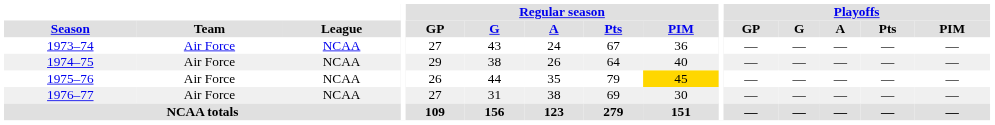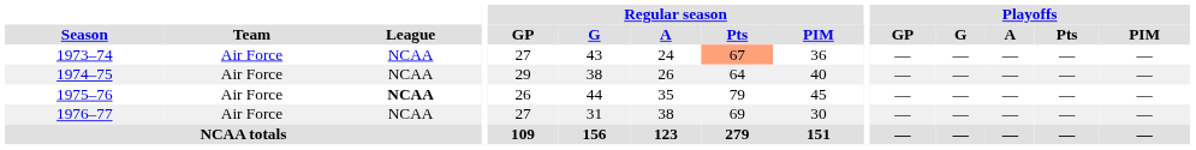 <table border="0" cellpadding="1" cellspacing="0" style="text-align:center; width:75%">
 <tr bgcolor="#e0e0e0">
 <th colspan="3" bgcolor="#ffffff"></th>
 <th rowspan="99" bgcolor="#ffffff"></th>
 <th colspan="5"><a href='#'>Regular season</a></th>
 <th rowspan="99" bgcolor="#ffffff"></th>
 <th colspan="5"><a href='#'>Playoffs</a></th>
 </tr>
 <tr bgcolor="#e0e0e0">
 <th><a href='#'>Season</a></th>
 <th>Team</th>
 <th>League</th>
 <th>GP</th>
 <th><a href='#'>G</a></th>
 <th><a href='#'>A</a></th>
 <th><a href='#'>Pts</a></th>
 <th><a href='#'>PIM</a></th>
 <th>GP</th>
 <th>G</th>
 <th>A</th>
 <th>Pts</th>
 <th>PIM</th>
 </tr>
 <tr ALIGN="center">
 <td><a href='#'>1973–74</a></td>
 <td><a href='#'>Air Force</a></td>
 <td><a href='#'>NCAA</a></td>
 <td>27</td>
 <td>43</td>
 <td>24</td>
-<td>67</td>
+<td style="background: lightsalmon;">67</td>
 <td>36</td>
 <td>—</td>
 <td>—</td>
 <td>—</td>
 <td>—</td>
 <td>—</td>
 </tr>
 <tr ALIGN="center" bgcolor="#f0f0f0">
 <td><a href='#'>1974–75</a></td>
 <td>Air Force</td>
 <td>NCAA</td>
 <td>29</td>
 <td>38</td>
 <td>26</td>
 <td>64</td>
 <td>40</td>
 <td>—</td>
 <td>—</td>
 <td>—</td>
 <td>—</td>
 <td>—</td>
 </tr>
 <tr ALIGN="center">
 <td><a href='#'>1975–76</a></td>
 <td>Air Force</td>
-<td>NCAA</td>
+<td><strong>NCAA</strong></td>
 <td>26</td>
 <td>44</td>
 <td>35</td>
 <td>79</td>
-<td style="background: gold;">45</td>
+<td>45</td>
 <td>—</td>
 <td>—</td>
 <td>—</td>
 <td>—</td>
 <td>—</td>
 </tr>
 <tr ALIGN="center" bgcolor="#f0f0f0">
 <td><a href='#'>1976–77</a></td>
 <td>Air Force</td>
 <td>NCAA</td>
 <td>27</td>
 <td>31</td>
 <td>38</td>
 <td>69</td>
 <td>30</td>
 <td>—</td>
 <td>—</td>
 <td>—</td>
 <td>—</td>
 <td>—</td>
 </tr>
 <tr bgcolor="#e0e0e0">
 <th colspan="3">NCAA totals</th>
 <th>109</th>
 <th>156</th>
 <th>123</th>
 <th>279</th>
 <th>151</th>
 <th>—</th>
 <th>—</th>
 <th>—</th>
 <th>—</th>
 <th>—</th>
 </tr>
 </table>
